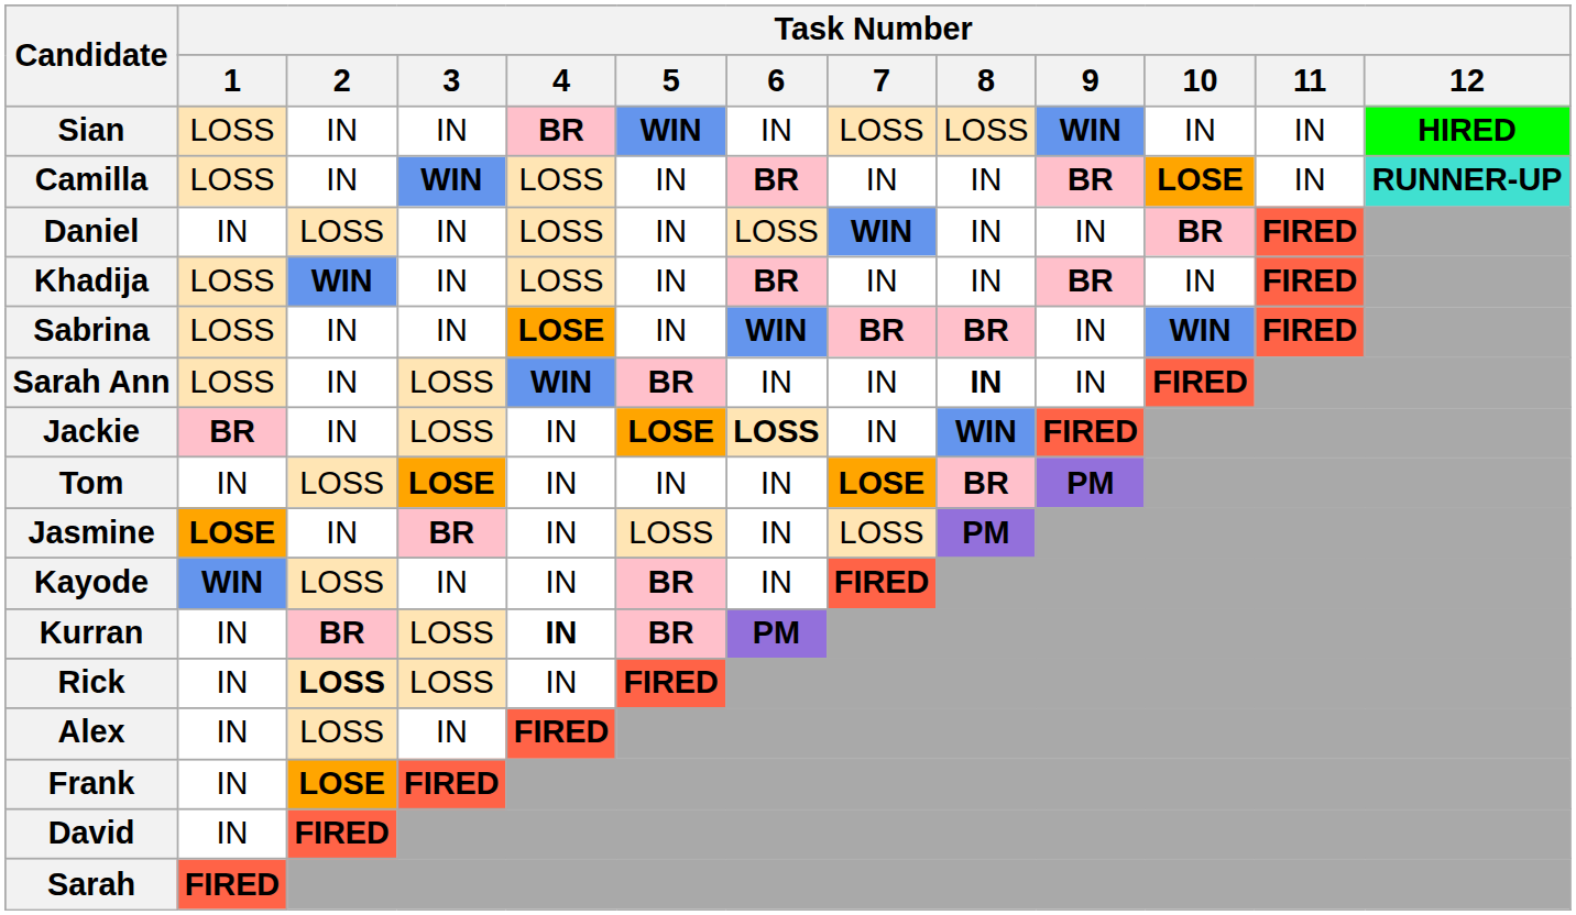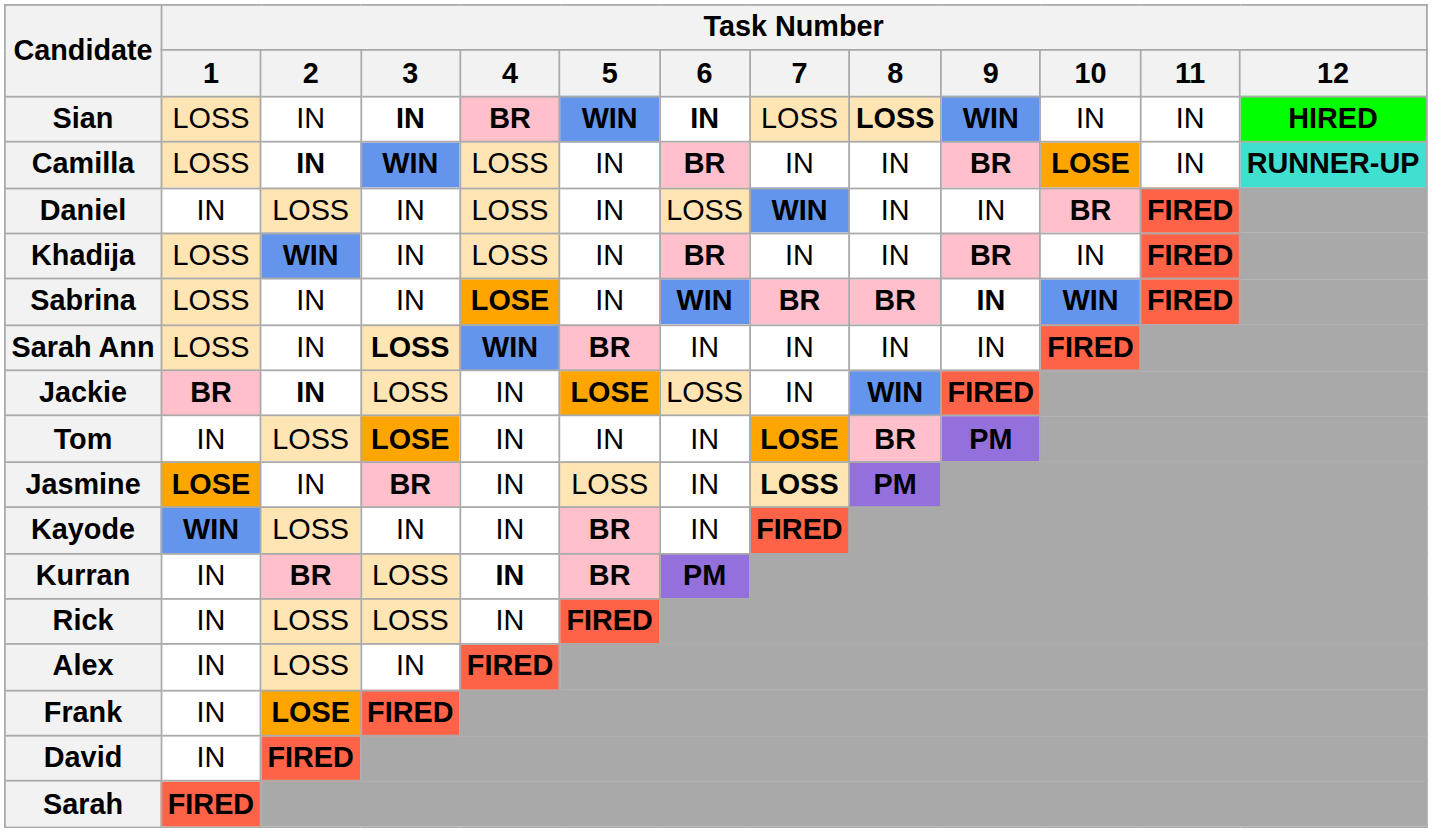 <table class="wikitable" style="text-align:center">
 <tr>
 <th rowspan="2">Candidate</th>
 <th colspan="13">Task Number</th>
 </tr>
 <tr>
 <th>1</th>
 <th>2</th>
 <th>3</th>
 <th>4</th>
 <th>5</th>
 <th>6</th>
 <th>7</th>
 <th>8</th>
 <th>9</th>
 <th>10</th>
 <th>11</th>
 <th>12</th>
 </tr>
 <tr>
 <th>Sian</th>
 <td style="background:#FFE5B4;">LOSS</td>
 <td style="background:white;">IN</td>
-<td style="background:white;">IN</td>
+<td style="background:white;"><strong>IN</strong></td>
 <td style="background:pink;"><strong>BR</strong></td>
 <td style="background:cornflowerblue;"><strong>WIN</strong></td>
-<td style="background:white;">IN</td>
+<td style="background:white;"><strong>IN</strong></td>
 <td style="background:#FFE5B4;">LOSS</td>
-<td style="background:#FFE5B4;">LOSS</td>
+<td style="background:#FFE5B4;"><strong>LOSS</strong></td>
 <td style="background:cornflowerblue;"><strong>WIN</strong></td>
 <td style="background:white;">IN</td>
 <td style="background:white;">IN</td>
 <td style="background:lime;"><strong>HIRED</strong></td>
 </tr>
 <tr>
 <th>Camilla</th>
 <td style="background:#FFE5B4;">LOSS</td>
-<td style="background:white;">IN</td>
+<td style="background:white;"><strong>IN</strong></td>
 <td style="background:cornflowerblue;"><strong>WIN</strong></td>
 <td style="background:#FFE5B4;">LOSS</td>
 <td style="background:white;">IN</td>
 <td style="background:pink;"><strong>BR</strong></td>
 <td style="background:white;">IN</td>
 <td style="background:white;">IN</td>
 <td style="background:pink;"><strong>BR</strong></td>
 <td style="background:orange;"><strong>LOSE</strong></td>
 <td style="background:white;">IN</td>
 <td style="background:turquoise;"><strong>RUNNER-UP</strong></td>
 </tr>
 <tr>
 <th>Daniel</th>
 <td style="background:white;">IN</td>
 <td style="background:#FFE5B4;">LOSS</td>
 <td style="background:white;">IN</td>
 <td style="background:#FFE5B4;">LOSS</td>
 <td style="background:white;">IN</td>
 <td style="background:#FFE5B4;">LOSS</td>
 <td style="background:cornflowerblue;"><strong>WIN</strong></td>
 <td style="background:white;">IN</td>
 <td style="background:white;">IN</td>
 <td style="background:pink;"><strong>BR</strong></td>
 <td style="background:tomato;"><strong>FIRED</strong></td>
 <td colspan="1" style="background:darkgrey;"></td>
 </tr>
 <tr>
 <th>Khadija</th>
 <td style="background:#FFE5B4;">LOSS</td>
 <td style="background:cornflowerblue;"><strong>WIN</strong></td>
 <td style="background:white;">IN</td>
 <td style="background:#FFE5B4;">LOSS</td>
 <td style="background:white;">IN</td>
 <td style="background:pink;"><strong>BR</strong></td>
 <td style="background:white;">IN</td>
 <td style="background:white;">IN</td>
 <td style="background:pink;"><strong>BR</strong></td>
 <td style="background:white;">IN</td>
 <td style="background:tomato;"><strong>FIRED</strong></td>
 <td colspan="1" style="background:darkgrey;"></td>
 </tr>
 <tr>
 <th>Sabrina</th>
 <td style="background:#FFE5B4;">LOSS</td>
 <td style="background:white;">IN</td>
 <td style="background:white;">IN</td>
 <td style="background:orange;"><strong>LOSE</strong></td>
 <td style="background:white;">IN</td>
 <td style="background:cornflowerblue;"><strong>WIN</strong></td>
 <td style="background:pink;"><strong>BR</strong></td>
 <td style="background:pink;"><strong>BR</strong></td>
-<td style="background:white;">IN</td>
+<td style="background:white;"><strong>IN</strong></td>
 <td style="background:cornflowerblue;"><strong>WIN</strong></td>
 <td style="background:tomato;"><strong>FIRED</strong></td>
 <td colspan="1" style="background:darkgrey;"></td>
 </tr>
 <tr>
 <th>Sarah Ann</th>
 <td style="background:#FFE5B4;">LOSS</td>
 <td style="background:white;">IN</td>
-<td style="background:#FFE5B4;">LOSS</td>
+<td style="background:#FFE5B4;"><strong>LOSS</strong></td>
 <td style="background:cornflowerblue;"><strong>WIN</strong></td>
 <td style="background:pink;"><strong>BR</strong></td>
 <td style="background:white;">IN</td>
 <td style="background:white;">IN</td>
-<td style="background:white;"><strong>IN</strong></td>
+<td style="background:white;">IN</td>
 <td style="background:white;">IN</td>
 <td style="background:tomato;"><strong>FIRED</strong></td>
 <td colspan="2" style="background:darkgrey;"></td>
 </tr>
 <tr>
 <th>Jackie</th>
 <td style="background:pink;"><strong>BR</strong></td>
-<td style="background:white;">IN</td>
+<td style="background:white;"><strong>IN</strong></td>
 <td style="background:#FFE5B4;">LOSS</td>
 <td style="background:white;">IN</td>
 <td style="background:orange;"><strong>LOSE</strong></td>
-<td style="background:#FFE5B4;"><strong>LOSS</strong></td>
+<td style="background:#FFE5B4;">LOSS</td>
 <td style="background:white;">IN</td>
 <td style="background:cornflowerblue;"><strong>WIN</strong></td>
 <td style="background:tomato;"><strong>FIRED</strong></td>
 <td colspan="3" style="background:darkgrey;"></td>
 </tr>
 <tr>
 <th>Tom</th>
 <td style="background:white;">IN</td>
 <td style="background:#FFE5B4;">LOSS</td>
 <td style="background:orange;"><strong>LOSE</strong></td>
 <td style="background:white;">IN</td>
 <td style="background:white;">IN</td>
 <td style="background:white;">IN</td>
 <td style="background:orange;"><strong>LOSE</strong></td>
 <td style="background:pink;"><strong>BR</strong></td>
 <td style="background:#9370DB;"><strong>PM</strong></td>
 <td colspan="3" style="background:darkgrey;"></td>
 </tr>
 <tr>
 <th>Jasmine</th>
 <td style="background:orange;"><strong>LOSE</strong></td>
 <td style="background:white;">IN</td>
 <td style="background:pink;"><strong>BR</strong></td>
 <td style="background:white;">IN</td>
 <td style="background:#FFE5B4;">LOSS</td>
 <td style="background:white;">IN</td>
-<td style="background:#FFE5B4;">LOSS</td>
+<td style="background:#FFE5B4;"><strong>LOSS</strong></td>
 <td style="background:#9370DB;"><strong>PM</strong></td>
 <td colspan="4" style="background:darkgrey;"></td>
 </tr>
 <tr>
 <th>Kayode</th>
 <td style="background:cornflowerblue;"><strong>WIN</strong></td>
 <td style="background:#FFE5B4;">LOSS</td>
 <td style="background:white;">IN</td>
 <td style="background:white;">IN</td>
 <td style="background:pink;"><strong>BR</strong></td>
 <td style="background:white;">IN</td>
 <td style="background:tomato;"><strong>FIRED</strong></td>
 <td colspan="5" style="background:darkgrey;"></td>
 </tr>
 <tr>
 <th>Kurran</th>
 <td style="background:white;">IN</td>
 <td style="background:pink;"><strong>BR</strong></td>
 <td style="background:#FFE5B4;">LOSS</td>
 <td style="background:white;"><strong>IN</strong></td>
 <td style="background:pink;"><strong>BR</strong></td>
 <td style="background:#9370DB;"><strong>PM</strong></td>
 <td colspan="6" style="background:darkgrey;"></td>
 </tr>
 <tr>
 <th>Rick</th>
 <td style="background:white;">IN</td>
-<td style="background:#FFE5B4;"><strong>LOSS</strong></td>
+<td style="background:#FFE5B4;">LOSS</td>
 <td style="background:#FFE5B4;">LOSS</td>
 <td style="background:white;">IN</td>
 <td style="background:tomato;"><strong>FIRED</strong></td>
 <td colspan="7" style="background:darkgrey;"></td>
 </tr>
 <tr>
 <th>Alex</th>
 <td style="background:white;">IN</td>
 <td style="background:#FFE5B4;">LOSS</td>
 <td style="background:white;">IN</td>
 <td style="background:tomato;"><strong>FIRED</strong></td>
 <td colspan="8" style="background:darkgrey;"></td>
 </tr>
 <tr>
 <th>Frank</th>
 <td style="background:white;">IN</td>
 <td style="background:orange;"><strong>LOSE</strong></td>
 <td style="background:tomato;"><strong>FIRED</strong></td>
 <td colspan="9" style="background:darkgrey;"></td>
 </tr>
 <tr>
 <th>David</th>
 <td style="background:white;">IN</td>
 <td style="background:tomato;"><strong>FIRED</strong></td>
 <td colspan="10" style="background:darkgrey;"></td>
 </tr>
 <tr>
 <th>Sarah</th>
 <td style="background:tomato;"><strong>FIRED</strong></td>
 <td colspan="11" style="background:darkgrey;"></td>
 </tr>
 </table>
